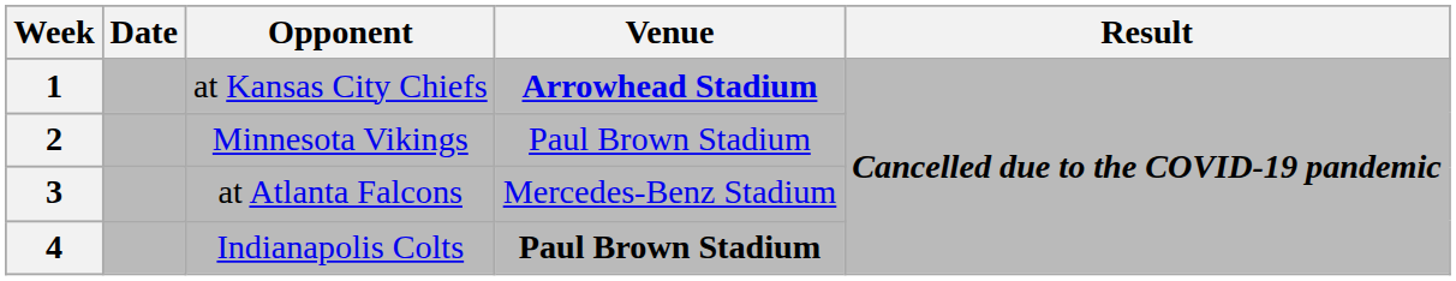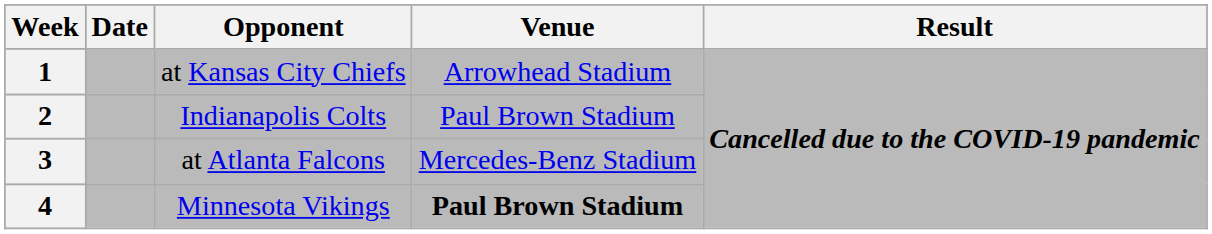 <table class="wikitable" style="text-align:center">
 <tr>
 <th>Week</th>
 <th>Date</th>
 <th>Opponent</th>
 <th>Venue</th>
 <th>Result</th>
 </tr>
 <tr style="background:#bababa">
 <th>1</th>
 <td></td>
 <td>at <a href='#'>Kansas City Chiefs</a></td>
-<td><strong><a href='#'>Arrowhead Stadium</a></strong></td>
+<td><a href='#'>Arrowhead Stadium</a></td>
 <td rowspan=4><strong><em>Cancelled due to the COVID-19 pandemic</em></strong></td>
 </tr>
 <tr style="background:#bababa">
 <th>2</th>
 <td></td>
-<td><a href='#'>Minnesota Vikings</a></td>
+<td><a href='#'>Indianapolis Colts</a></td>
 <td><a href='#'>Paul Brown Stadium</a></td>
 </tr>
 <tr style="background:#bababa">
 <th>3</th>
 <td></td>
 <td>at <a href='#'>Atlanta Falcons</a></td>
 <td><a href='#'>Mercedes-Benz Stadium</a></td>
 </tr>
 <tr style="background:#bababa">
 <th>4</th>
 <td></td>
-<td><a href='#'>Indianapolis Colts</a></td>
+<td><a href='#'>Minnesota Vikings</a></td>
 <td><strong>Paul Brown Stadium</strong></td>
 </tr>
 </table>
